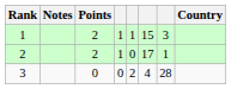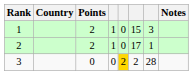 <table class="wikitable sortable" style="text-align: center;">
 <tr>
 <th>Rank</th>
-<th>Notes</th>
+<th>Country</th>
 <th>Points</th>
 <th></th>
 <th></th>
 <th></th>
 <th></th>
-<th>Country</th>
+<th>Notes</th>
 </tr>
 <tr style="background:#cfc;">
 <td>1</td>
-<td></td>
+<td align=left></td>
 <td>2</td>
 <td>1</td>
-<td>1</td>
+<td>0</td>
 <td>15</td>
 <td>3</td>
-<td align=left></td>
+<td></td>
 </tr>
 <tr style="background:#cfc;">
 <td>2</td>
-<td></td>
+<td align=left></td>
 <td>2</td>
 <td>1</td>
 <td>0</td>
 <td>17</td>
 <td>1</td>
-<td align=left></td>
+<td></td>
 </tr>
 <tr>
 <td>3</td>
-<td></td>
+<td align=left></td>
 <td>0</td>
 <td>0</td>
+<td style="background: gold;">2</td>
 <td>2</td>
-<td>4</td>
 <td>28</td>
-<td align=left></td>
+<td></td>
 </tr>
 </table>
